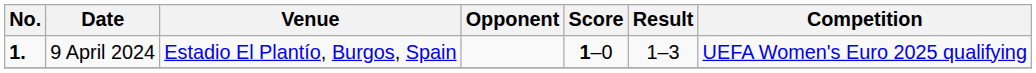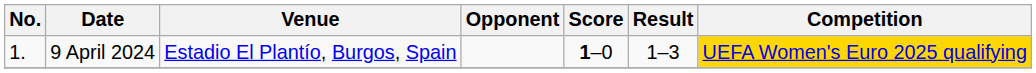 <table class="wikitable">
 <tr>
 <th>No.</th>
 <th>Date</th>
 <th>Venue</th>
 <th>Opponent</th>
 <th>Score</th>
 <th>Result</th>
 <th>Competition</th>
 </tr>
 <tr>
-<td><strong>1.</strong></td>
+<td>1.</td>
 <td>9 April 2024</td>
 <td><a href='#'>Estadio El Plantío</a>, <a href='#'>Burgos</a>, <a href='#'>Spain</a></td>
 <td></td>
 <td align=center><strong>1</strong>–0</td>
 <td align=center>1–3</td>
-<td><a href='#'>UEFA Women's Euro 2025 qualifying</a></td>
+<td style="background: gold;"><a href='#'>UEFA Women's Euro 2025 qualifying</a></td>
 </tr>
 <tr>
 </tr>
 </table>
